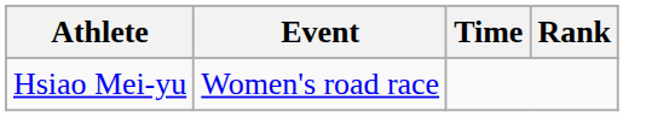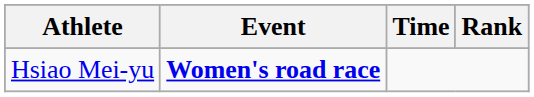 <table class="wikitable" style="font-size:90%">
 <tr>
 <th>Athlete</th>
 <th>Event</th>
 <th>Time</th>
 <th>Rank</th>
 </tr>
 <tr align=center>
 <td align=left><a href='#'>Hsiao Mei-yu</a></td>
-<td align=left><a href='#'>Women's road race</a></td>
+<td align=left><strong><a href='#'>Women's road race</a></strong></td>
 <td colspan=2></td>
 </tr>
 </table>
